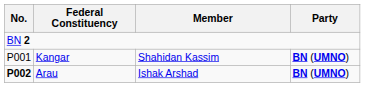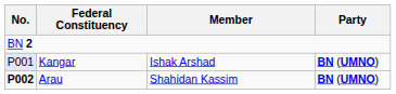 <table class="wikitable sortable">
 <tr>
 <th style="width:30px;">No.</th>
 <th style="width:150px;">Federal Constituency</th>
 <th style="width:230px;">Member</th>
 <th style="width:100px;">Party</th>
 </tr>
 <tr>
 <td colspan="4"><a href='#'>BN</a> <strong>2</strong></td>
 </tr>
 <tr>
-<td>P001</td>
+<td style="background: lavender;">P001</td>
 <td><a href='#'>Kangar</a></td>
-<td><a href='#'>Shahidan Kassim</a></td>
+<td><a href='#'>Ishak Arshad</a></td>
 <td><strong><a href='#'>BN</a></strong> (<strong><a href='#'>UMNO</a></strong>)</td>
 </tr>
 <tr>
 <td><strong>P002</strong></td>
 <td><a href='#'>Arau</a></td>
-<td><a href='#'>Ishak Arshad</a></td>
+<td><a href='#'>Shahidan Kassim</a></td>
 <td><strong><a href='#'>BN</a></strong> (<strong><a href='#'>UMNO</a></strong>)</td>
 </tr>
 </table>
